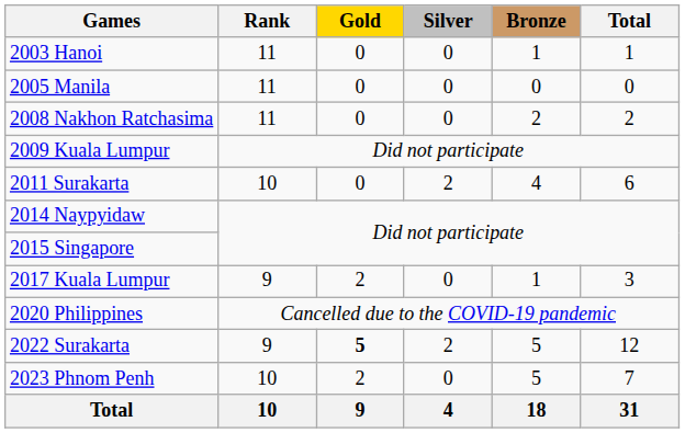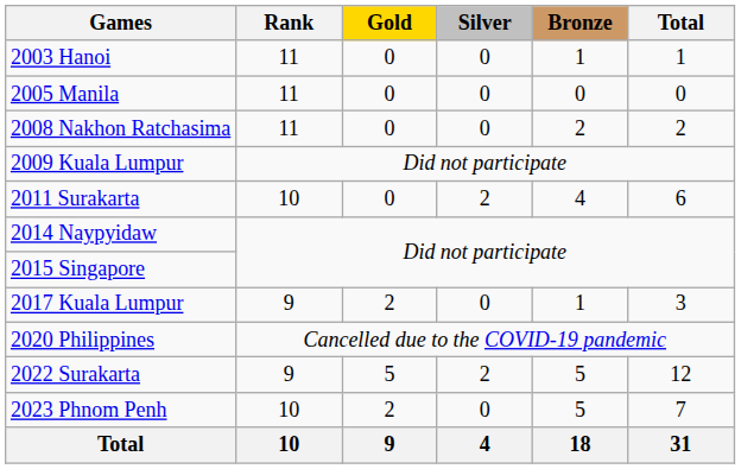 <table class="wikitable sortable" style="margin-top:0em; text-align:center; font-size:85%;">
 <tr>
 <th>Games</th>
 <th style="width:4.5em;">Rank</th>
 <th style="background:gold; width:4em;"><strong>Gold</strong></th>
 <th style="background:silver; width:4em;"><strong>Silver</strong></th>
 <th style="background:#cc9966; width:4em;"><strong>Bronze</strong></th>
 <th style="width:4.5em;">Total</th>
 </tr>
 <tr>
 <td align=left> <a href='#'>2003 Hanoi</a></td>
 <td>11</td>
 <td>0</td>
 <td>0</td>
 <td>1</td>
 <td>1</td>
 </tr>
 <tr>
 <td align=left> <a href='#'>2005 Manila</a></td>
 <td>11</td>
 <td>0</td>
 <td>0</td>
 <td>0</td>
 <td>0</td>
 </tr>
 <tr>
 <td align=left> <a href='#'>2008 Nakhon Ratchasima</a></td>
 <td>11</td>
 <td>0</td>
 <td>0</td>
 <td>2</td>
 <td>2</td>
 </tr>
 <tr>
 <td align=left> <a href='#'>2009 Kuala Lumpur</a></td>
 <td colspan="5"><em>Did not participate</em></td>
 </tr>
 <tr>
 <td align=left> <a href='#'>2011 Surakarta</a></td>
 <td>10</td>
 <td>0</td>
 <td>2</td>
 <td>4</td>
 <td>6</td>
 </tr>
 <tr>
 <td align=left> <a href='#'>2014 Naypyidaw</a></td>
 <td rowspan="2" colspan="5"><em>Did not participate</em></td>
 </tr>
 <tr>
 <td align=left> <a href='#'>2015 Singapore</a></td>
 </tr>
 <tr>
 <td align=left> <a href='#'>2017 Kuala Lumpur</a></td>
 <td>9</td>
 <td>2</td>
 <td>0</td>
 <td>1</td>
 <td>3</td>
 </tr>
 <tr>
 <td align=left> <a href='#'>2020 Philippines</a></td>
 <td colspan=5><em>Cancelled due to the <a href='#'>COVID-19 pandemic</a></em></td>
 </tr>
 <tr>
 <td align=left> <a href='#'>2022 Surakarta</a></td>
 <td>9</td>
-<td><strong>5</strong></td>
+<td>5</td>
 <td>2</td>
 <td>5</td>
 <td>12</td>
 </tr>
 <tr>
 <td align=left> <a href='#'>2023 Phnom Penh</a></td>
 <td>10</td>
 <td>2</td>
 <td>0</td>
 <td>5</td>
 <td>7</td>
 </tr>
 <tr>
 <th>Total</th>
 <th>10</th>
 <th>9</th>
 <th>4</th>
 <th>18</th>
 <th>31</th>
 </tr>
 </table>
